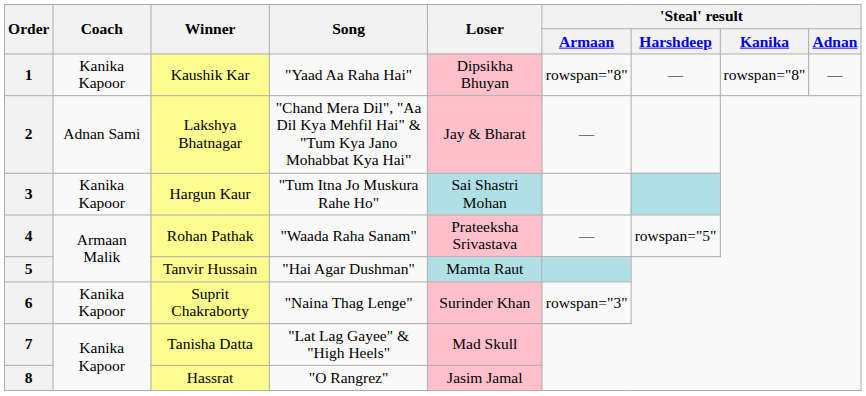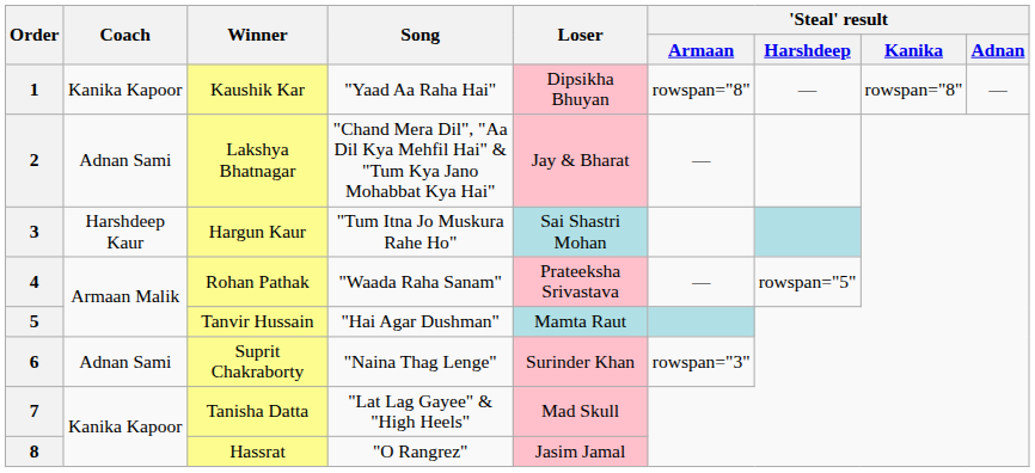 <table class="wikitable" style="text-align: center; width:100%;">
 <tr>
 <th rowspan="2" style="width:05%;">Order</th>
 <th rowspan="2" style="width:15%;">Coach</th>
 <th rowspan="2" style="width:17%;">Winner</th>
 <th rowspan="2" style="width:26%;">Song</th>
 <th rowspan="2" style="width:17%;">Loser</th>
 <th colspan="4" style="width:20%;">'Steal' result</th>
 </tr>
 <tr>
 <th style="width:05%;"><a href='#'>Armaan</a></th>
 <th style="width:05%;"><a href='#'>Harshdeep</a></th>
 <th style="width:05%;"><a href='#'>Kanika</a></th>
 <th style="width:05%;"><a href='#'>Adnan</a></th>
 </tr>
 <tr>
 <th>1</th>
 <td>Kanika Kapoor</td>
 <td style="background:#FDFC8F;">Kaushik Kar</td>
 <td>"Yaad Aa Raha Hai"</td>
 <td bgcolor="pink">Dipsikha Bhuyan</td>
 <td>rowspan="8" </td>
 <td>—</td>
 <td>rowspan="8" </td>
 <td>—</td>
 </tr>
 <tr>
 <th>2</th>
 <td>Adnan Sami</td>
 <td style="background:#FDFC8F;">Lakshya Bhatnagar</td>
 <td>"Chand Mera Dil", "Aa Dil Kya Mehfil Hai" & "Tum Kya Jano Mohabbat Kya Hai"</td>
 <td bgcolor="pink">Jay & Bharat</td>
 <td>—</td>
 <td></td>
 </tr>
 <tr>
 <th>3</th>
-<td>Kanika Kapoor</td>
+<td>Harshdeep Kaur</td>
 <td style="background:#FDFC8F;">Hargun Kaur</td>
 <td>"Tum Itna Jo Muskura Rahe Ho"</td>
 <td bgcolor=#b0e0e6>Sai Shastri Mohan</td>
 <td></td>
 <td bgcolor=#b0e0e6><strong></strong></td>
 </tr>
 <tr>
 <th>4</th>
 <td rowspan="2">Armaan Malik</td>
 <td style="background:#FDFC8F;">Rohan Pathak</td>
 <td>"Waada Raha Sanam"</td>
 <td bgcolor="pink">Prateeksha Srivastava</td>
 <td>—</td>
 <td>rowspan="5" </td>
 </tr>
 <tr>
 <th>5</th>
 <td style="background:#FDFC8F;">Tanvir Hussain</td>
 <td>"Hai Agar Dushman"</td>
 <td bgcolor=#b0e0e6>Mamta Raut</td>
 <td bgcolor=#b0e0e6><strong></strong></td>
 </tr>
 <tr>
 <th>6</th>
-<td>Kanika Kapoor</td>
+<td>Adnan Sami</td>
 <td style="background:#FDFC8F;">Suprit Chakraborty</td>
 <td>"Naina Thag Lenge"</td>
 <td bgcolor="pink">Surinder Khan</td>
 <td>rowspan="3" </td>
 </tr>
 <tr>
 <th>7</th>
 <td rowspan="2">Kanika Kapoor</td>
 <td style="background:#FDFC8F;">Tanisha Datta</td>
 <td>"Lat Lag Gayee" & "High Heels"</td>
 <td bgcolor="pink">Mad Skull</td>
 </tr>
 <tr>
 <th>8</th>
 <td style="background:#FDFC8F;">Hassrat</td>
 <td>"O Rangrez"</td>
 <td bgcolor="pink">Jasim Jamal</td>
 </tr>
 </table>
